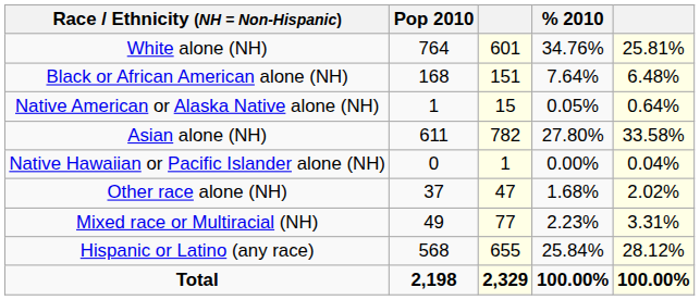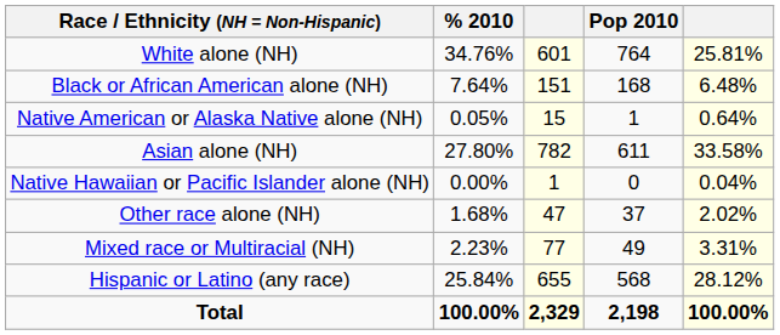 <table class="wikitable" style="text-align:center;">
 <tr>
 <th>Race / Ethnicity <small>(<em>NH = Non-Hispanic</em>)</small></th>
+<th>% 2010</th>
+<th></th>
 <th>Pop 2010</th>
-<th></th>
-<th>% 2010</th>
 <th></th>
 </tr>
 <tr>
 <td><a href='#'>White</a> alone (NH)</td>
+<td>34.76%</td>
+<td style='background: #ffffe6;'>601</td>
 <td>764</td>
-<td style='background: #ffffe6;'>601</td>
-<td>34.76%</td>
 <td style='background: #ffffe6;'>25.81%</td>
 </tr>
 <tr>
 <td><a href='#'>Black or African American</a> alone (NH)</td>
+<td>7.64%</td>
+<td style='background: #ffffe6;'>151</td>
 <td>168</td>
-<td style='background: #ffffe6;'>151</td>
-<td>7.64%</td>
 <td style='background: #ffffe6;'>6.48%</td>
 </tr>
 <tr>
 <td><a href='#'>Native American</a> or <a href='#'>Alaska Native</a> alone (NH)</td>
+<td>0.05%</td>
+<td style='background: #ffffe6;'>15</td>
 <td>1</td>
-<td style='background: #ffffe6;'>15</td>
-<td>0.05%</td>
 <td style='background: #ffffe6;'>0.64%</td>
 </tr>
 <tr>
 <td><a href='#'>Asian</a> alone (NH)</td>
+<td>27.80%</td>
+<td style='background: #ffffe6;'>782</td>
 <td>611</td>
-<td style='background: #ffffe6;'>782</td>
-<td>27.80%</td>
 <td style='background: #ffffe6;'>33.58%</td>
 </tr>
 <tr>
 <td><a href='#'>Native Hawaiian</a> or <a href='#'>Pacific Islander</a> alone (NH)</td>
+<td>0.00%</td>
+<td style='background: #ffffe6;'>1</td>
 <td>0</td>
-<td style='background: #ffffe6;'>1</td>
-<td>0.00%</td>
 <td style='background: #ffffe6;'>0.04%</td>
 </tr>
 <tr>
 <td><a href='#'>Other race</a> alone (NH)</td>
+<td>1.68%</td>
+<td style='background: #ffffe6;'>47</td>
 <td>37</td>
-<td style='background: #ffffe6;'>47</td>
-<td>1.68%</td>
 <td style='background: #ffffe6;'>2.02%</td>
 </tr>
 <tr>
 <td><a href='#'>Mixed race or Multiracial</a> (NH)</td>
+<td>2.23%</td>
+<td style='background: #ffffe6;'>77</td>
 <td>49</td>
-<td style='background: #ffffe6;'>77</td>
-<td>2.23%</td>
 <td style='background: #ffffe6;'>3.31%</td>
 </tr>
 <tr>
 <td><a href='#'>Hispanic or Latino</a> (any race)</td>
+<td>25.84%</td>
+<td style='background: #ffffe6;'>655</td>
 <td>568</td>
-<td style='background: #ffffe6;'>655</td>
-<td>25.84%</td>
 <td style='background: #ffffe6;'>28.12%</td>
 </tr>
 <tr>
 <td><strong>Total</strong></td>
+<td><strong>100.00%</strong></td>
+<td style='background: #ffffe6;'><strong>2,329</strong></td>
 <td><strong>2,198</strong></td>
-<td style='background: #ffffe6;'><strong>2,329</strong></td>
-<td><strong>100.00%</strong></td>
 <td style='background: #ffffe6;'><strong>100.00%</strong></td>
 </tr>
 </table>
